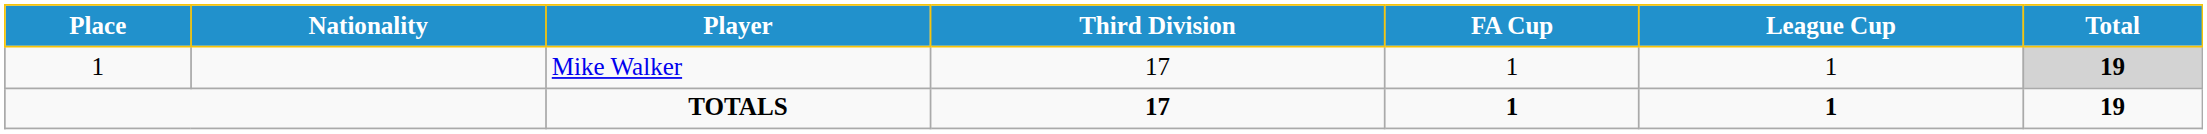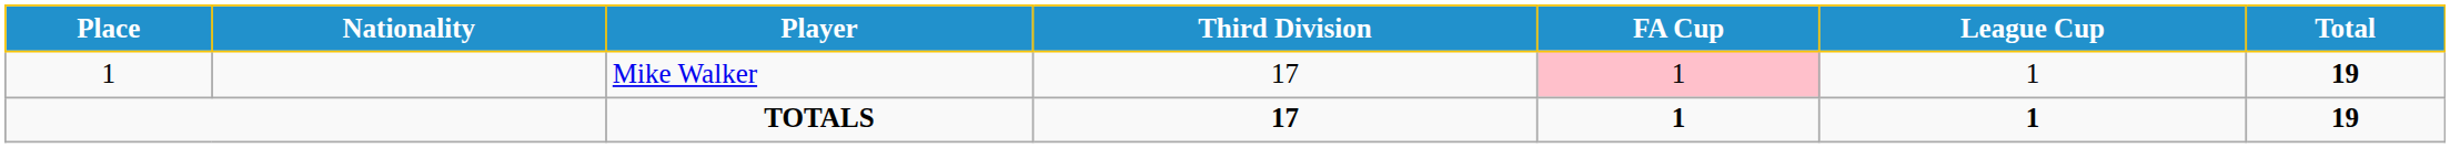 <table class="wikitable" style="text-align:center; font-size:90%; width:100%;">
 <tr>
 <th style="background:#2191CC; color:white; border:1px solid #F7C408; text-align:center;">Place</th>
 <th style="background:#2191CC; color:white; border:1px solid #F7C408; text-align:center;">Nationality</th>
 <th style="background:#2191CC; color:white; border:1px solid #F7C408; text-align:center;">Player</th>
 <th style="background:#2191CC; color:white; border:1px solid #F7C408; text-align:center;">Third Division</th>
 <th style="background:#2191CC; color:white; border:1px solid #F7C408; text-align:center;">FA Cup</th>
 <th style="background:#2191CC; color:white; border:1px solid #F7C408; text-align:center;">League Cup</th>
 <th style="background:#2191CC; color:white; border:1px solid #F7C408; text-align:center;">Total</th>
 </tr>
 <tr>
 <td>1</td>
 <td></td>
 <td align="left"><a href='#'>Mike Walker</a></td>
 <td>17</td>
+<td style="background: pink;">1</td>
 <td>1</td>
-<td>1</td>
-<td style="background: lightgrey;"><strong>19</strong></td>
+<td><strong>19</strong></td>
 </tr>
 <tr>
 <td colspan="2"></td>
 <td><strong>TOTALS</strong></td>
 <td><strong>17</strong></td>
 <td><strong>1</strong></td>
 <td><strong>1</strong></td>
 <td><strong>19</strong></td>
 </tr>
 </table>
